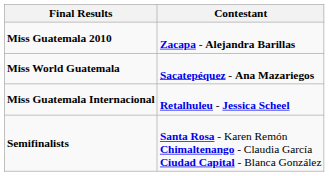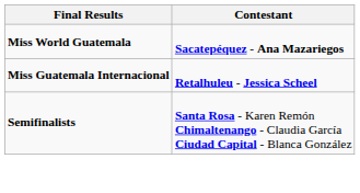 <table class="wikitable" border="1">
 <tr>
 <th>Final Results</th>
 <th>Contestant</th>
-</tr>
-<tr>
-<td><strong>Miss Guatemala 2010</strong></td>
-<td><br><strong><a href='#'>Zacapa</a></strong> - <strong>Alejandra Barillas</strong></td>
 </tr>
 <tr>
 <td><strong>Miss World Guatemala</strong></td>
 <td><br> <strong><a href='#'>Sacatepéquez</a></strong> - <strong>Ana Mazariegos</strong></td>
 </tr>
 <tr>
 <td><strong>Miss Guatemala Internacional</strong></td>
 <td><br> <strong><a href='#'>Retalhuleu</a></strong> - <strong><a href='#'>Jessica Scheel</a></strong></td>
 </tr>
 <tr>
 <td><strong>Semifinalists</strong></td>
 <td><br> <strong><a href='#'>Santa Rosa</a></strong> - Karen Remón <br>  <strong><a href='#'>Chimaltenango</a></strong> - Claudia García <br>  <strong><a href='#'>Ciudad Capital</a></strong> - Blanca González <br></td>
 </tr>
 </table>
